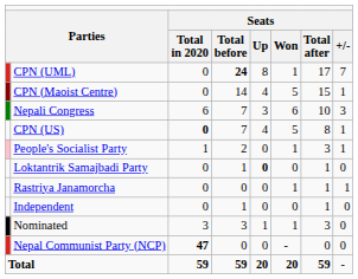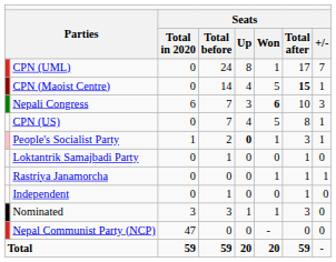 <table class="wikitable centre" style=text-align:right>
 <tr>
 <td align=center colspan=10></td>
 </tr>
 <tr>
 <th colspan=2 rowspan=2>Parties</th>
 <th colspan="6">Seats</th>
 </tr>
 <tr>
 <th>Total<br>in 2020</th>
 <th>Total<br>before</th>
 <th>Up</th>
 <th>Won</th>
 <th>Total<br>after</th>
 <th>+/-</th>
 </tr>
 <tr>
 <td style="color:inherit;background:#DC241F"></td>
 <td align="left"><a href='#'>CPN (UML)</a></td>
 <td>0</td>
-<td><strong>24</strong></td>
+<td>24</td>
 <td>8</td>
 <td>1</td>
 <td>17</td>
 <td align="center">7</td>
 </tr>
 <tr>
 <td style="color:inherit;background:#8B0000"></td>
 <td align="left"><a href='#'>CPN (Maoist Centre)</a></td>
 <td>0</td>
 <td>14</td>
 <td>4</td>
 <td>5</td>
-<td>15</td>
+<td><strong>15</strong></td>
 <td align="center">1</td>
 </tr>
 <tr>
 <td style="color:inherit;background:#008000"></td>
 <td align="left"><a href='#'>Nepali Congress</a></td>
 <td>6</td>
 <td>7</td>
 <td>3</td>
-<td>6</td>
+<td><strong>6</strong></td>
 <td>10</td>
 <td align="center">3</td>
 </tr>
 <tr>
 <td></td>
 <td align="left"><a href='#'>CPN (US)</a></td>
-<td><strong>0</strong></td>
+<td>0</td>
 <td>7</td>
 <td>4</td>
 <td>5</td>
 <td>8</td>
 <td align="center">1</td>
 </tr>
 <tr>
 <td style="color:inherit;background:#FFc0cb"></td>
 <td align="left"><a href='#'>People's Socialist Party</a></td>
 <td>1</td>
 <td>2</td>
-<td>0</td>
+<td><strong>0</strong></td>
 <td>1</td>
 <td>3</td>
 <td align="center">1</td>
 </tr>
 <tr>
 <td></td>
 <td align="left"><a href='#'>Loktantrik Samajbadi Party</a></td>
 <td>0</td>
 <td>1</td>
-<td><strong>0</strong></td>
+<td>0</td>
 <td>0</td>
 <td>1</td>
 <td align="center">0</td>
 </tr>
 <tr>
 <td></td>
 <td align="left"><a href='#'>Rastriya Janamorcha</a></td>
 <td>0</td>
 <td>0</td>
 <td>0</td>
 <td>1</td>
 <td>1</td>
 <td>1</td>
 </tr>
 <tr>
 <td></td>
 <td align="left"><a href='#'>Independent</a></td>
 <td>0</td>
 <td>1</td>
 <td>0</td>
 <td>0</td>
 <td>1</td>
 <td>0</td>
 </tr>
 <tr>
 <td style="color:inherit;background:#000000"></td>
 <td align="left">Nominated</td>
 <td>3</td>
 <td>3</td>
 <td>1</td>
 <td>1</td>
 <td>3</td>
 <td align="center">0</td>
 </tr>
 <tr>
 <td style="color:inherit;background:#DC241F"></td>
 <td align="left"><a href='#'>Nepal Communist Party (NCP)</a></td>
-<td><strong>47</strong></td>
+<td>47</td>
 <td>0</td>
 <td>0</td>
 <td align="center">-</td>
 <td>0</td>
 <td align="center">0</td>
 </tr>
 <tr>
 <td colspan="2" align="left"><strong>Total</strong></td>
 <td><strong>59</strong></td>
 <td><strong>59</strong></td>
 <td><strong>20</strong></td>
 <td><strong>20</strong></td>
 <td><strong>59</strong></td>
 <td align="center">-</td>
 </tr>
 </table>
